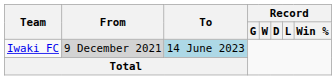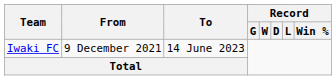 <table class="wikitable" style="text-align: left">
 <tr>
 <th rowspan="2">Team</th>
 <th rowspan="2">From</th>
 <th rowspan="2">To</th>
 <th colspan="8">Record</th>
 </tr>
 <tr>
 <th>G</th>
 <th>W</th>
 <th>D</th>
 <th>L</th>
 <th>Win %</th>
 </tr>
 <tr>
 <td><a href='#'>Iwaki FC</a></td>
-<td style="background: lightgrey;">9 December 2021</td>
-<td style="background: lightblue;">14 June 2023<br></td>
+<td>9 December 2021</td>
+<td>14 June 2023<br></td>
 </tr>
 <tr>
 <th colspan="3">Total<br></th>
 </tr>
 </table>
